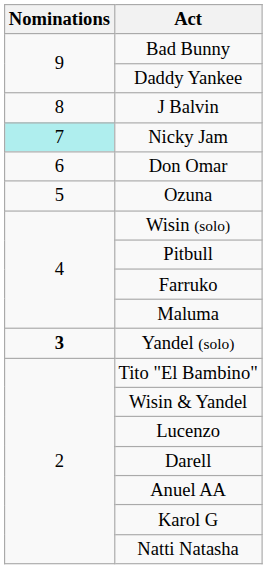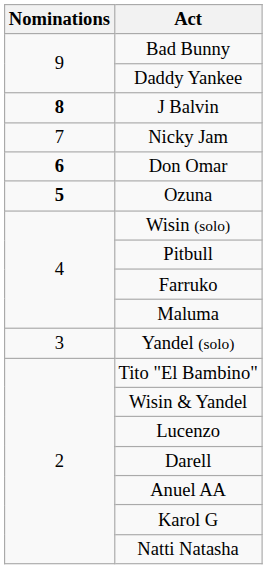 <table class="wikitable" rowspan="2" style="text-align:center;">
 <tr>
 <th scope="col">Nominations</th>
 <th scope="col">Act</th>
 </tr>
 <tr>
 <td rowspan=2>9</td>
 <td>Bad Bunny</td>
 </tr>
 <tr>
 <td>Daddy Yankee</td>
 </tr>
 <tr>
-<td>8</td>
+<td><strong>8</strong></td>
 <td>J Balvin</td>
 </tr>
 <tr>
-<td style="background: paleturquoise;">7</td>
+<td>7</td>
 <td>Nicky Jam</td>
 </tr>
 <tr>
-<td>6</td>
+<td><strong>6</strong></td>
 <td>Don Omar</td>
 </tr>
 <tr>
-<td>5</td>
+<td><strong>5</strong></td>
 <td>Ozuna</td>
 </tr>
 <tr>
 <td rowspan="4">4</td>
 <td>Wisin <small>(solo)</small></td>
 </tr>
 <tr>
 <td>Pitbull</td>
 </tr>
 <tr>
 <td>Farruko</td>
 </tr>
 <tr>
 <td>Maluma</td>
 </tr>
 <tr>
-<td><strong>3</strong></td>
+<td>3</td>
 <td>Yandel <small>(solo)</small></td>
 </tr>
 <tr>
 <td rowspan="7">2</td>
 <td>Tito "El Bambino"</td>
 </tr>
 <tr>
 <td>Wisin & Yandel</td>
 </tr>
 <tr>
 <td>Lucenzo</td>
 </tr>
 <tr>
 <td>Darell</td>
 </tr>
 <tr>
 <td>Anuel AA</td>
 </tr>
 <tr>
 <td>Karol G</td>
 </tr>
 <tr>
 <td>Natti Natasha</td>
 </tr>
 </table>
